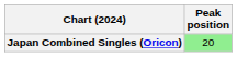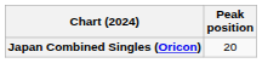 <table class="wikitable plainrowheaders" style="text-align:center">
 <tr>
 <th scope="col">Chart (2024)</th>
 <th scope="col">Peak<br>position</th>
 </tr>
 <tr>
 <th scope="row">Japan Combined Singles (<a href='#'>Oricon</a>)</th>
-<td style="background: lightgreen;">20</td>
+<td>20</td>
 </tr>
 </table>
